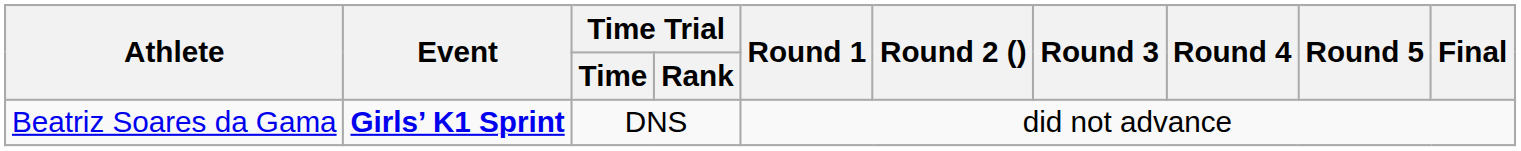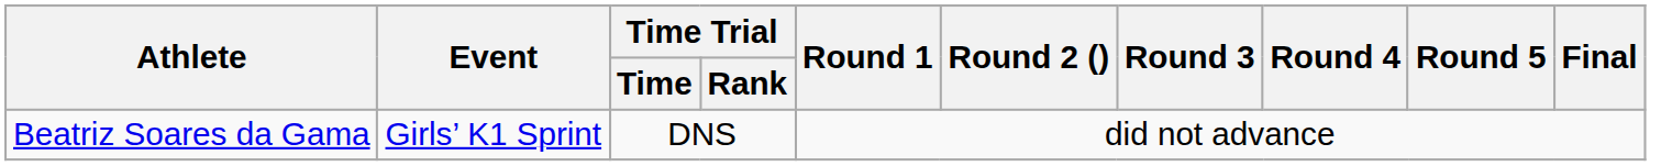 <table class="wikitable" border="1" style="font-size:90%">
 <tr>
 <th rowspan=2>Athlete</th>
 <th rowspan=2>Event</th>
 <th colspan=2>Time Trial</th>
 <th rowspan=2>Round 1</th>
 <th rowspan=2>Round 2 ()</th>
 <th rowspan=2>Round 3</th>
 <th rowspan=2>Round 4</th>
 <th rowspan=2>Round 5</th>
 <th rowspan=2>Final</th>
 </tr>
 <tr>
 <th>Time</th>
 <th>Rank</th>
 </tr>
 <tr>
 <td rowspan=2><a href='#'>Beatriz Soares da Gama</a></td>
-<td><strong><a href='#'>Girls’ K1 Sprint</a></strong></td>
+<td><a href='#'>Girls’ K1 Sprint</a></td>
 <td align=center colspan=2>DNS</td>
 <td align=center colspan=6>did not advance</td>
 </tr>
 </table>
